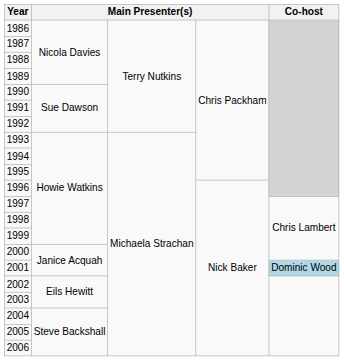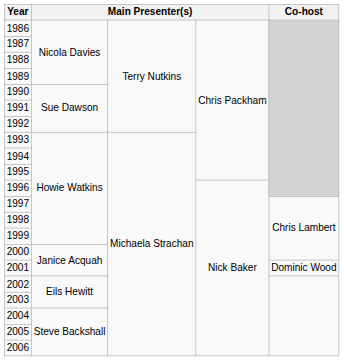 <table class="wikitable">
 <tr>
 <th>Year</th>
 <th colspan=3>Main Presenter(s)</th>
 <th>Co-host</th>
 </tr>
 <tr>
 <td align="center">1986</td>
 <td rowspan="4" align="center">Nicola Davies</td>
 <td rowspan="7" align="center">Terry Nutkins</td>
 <td rowspan="10" align="center">Chris Packham</td>
 <td rowspan="11" style="background:lightgrey;"></td>
 </tr>
 <tr>
 <td align="center">1987</td>
 </tr>
 <tr>
 <td align="center">1988</td>
 </tr>
 <tr>
 <td align="center">1989</td>
 </tr>
 <tr>
 <td align="center">1990</td>
 <td rowspan="3" align="center">Sue Dawson</td>
 </tr>
 <tr>
 <td align="center">1991</td>
 </tr>
 <tr>
 <td align="center">1992</td>
 </tr>
 <tr>
 <td align="center">1993</td>
 <td rowspan="7" align="center">Howie Watkins</td>
 <td rowspan="14" align="center">Michaela Strachan</td>
 </tr>
 <tr>
 <td align="center">1994</td>
 </tr>
 <tr>
 <td align="center">1995</td>
 </tr>
 <tr>
 <td align="center">1996</td>
 <td rowspan="11" align="center">Nick Baker</td>
 </tr>
 <tr>
 <td align="center">1997</td>
 <td rowspan="4" align="center">Chris Lambert</td>
 </tr>
 <tr>
 <td align="center">1998</td>
 </tr>
 <tr>
 <td align="center">1999</td>
 </tr>
 <tr>
 <td align="center">2000</td>
 <td rowspan="2" align="center">Janice Acquah</td>
 </tr>
 <tr>
 <td align="center">2001</td>
-<td rowspan="1" align="center" style="background: lightblue;">Dominic Wood</td>
+<td rowspan="1" align="center">Dominic Wood</td>
 </tr>
 <tr>
 <td align="center">2002</td>
 <td rowspan="2" align="center">Eils Hewitt</td>
 </tr>
 <tr>
 <td align="center">2003</td>
 </tr>
 <tr>
 <td align="center">2004</td>
 <td rowspan="3" align="center">Steve Backshall</td>
 </tr>
 <tr>
 <td align="center">2005</td>
 </tr>
 <tr>
 <td align="center">2006</td>
 </tr>
 </table>
